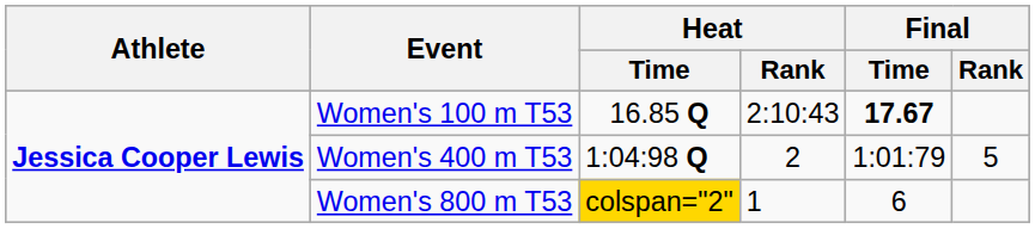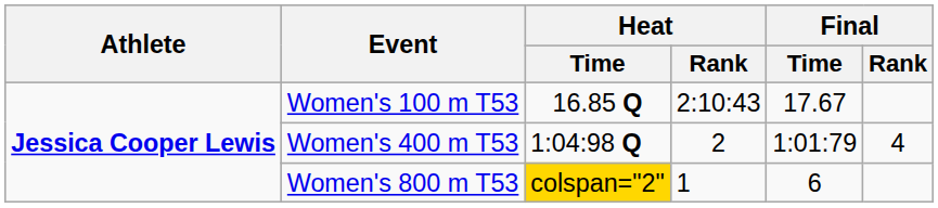 <table class=wikitable style="font-size:90%">
 <tr>
 <th rowspan="2">Athlete</th>
 <th rowspan="2">Event</th>
 <th colspan="2">Heat</th>
 <th colspan="2">Final</th>
 </tr>
 <tr style="font-size:95%">
 <th>Time</th>
 <th>Rank</th>
 <th>Time</th>
 <th>Rank</th>
 </tr>
 <tr align=center>
 <td align=left rowspan="3"><strong><a href='#'>Jessica Cooper Lewis</a></strong></td>
 <td align=left><a href='#'>Women's 100 m T53</a></td>
 <td>16.85 <strong>Q</strong></td>
 <td>2:10:43</td>
-<td><strong>17.67</strong></td>
+<td>17.67</td>
 <td align=center></td>
 </tr>
 <tr>
 <td align=left><a href='#'>Women's 400 m T53</a></td>
 <td>1:04:98 <strong>Q</strong></td>
 <td align=center>2</td>
 <td>1:01:79</td>
-<td align=center>5</td>
+<td align=center>4</td>
 </tr>
 <tr>
 <td align=left><a href='#'>Women's 800 m T53</a></td>
 <td style="background: gold;">colspan="2" </td>
 <td>1</td>
 <td align=center>6</td>
 </tr>
 </table>
